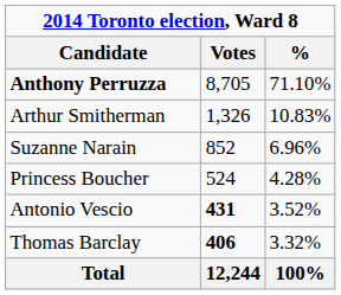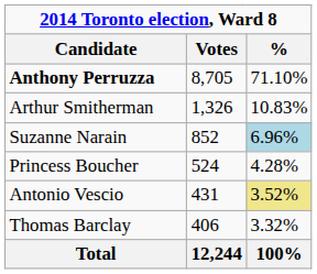 <table class="wikitable">
 <tr>
 <td Colspan="3" align="center"><strong><a href='#'>2014 Toronto election</a>, Ward 8</strong></td>
 </tr>
 <tr>
 <th width="150px">Candidate</th>
 <th>Votes</th>
 <th>%</th>
 </tr>
 <tr>
 <td><strong>Anthony Perruzza</strong></td>
 <td>8,705</td>
 <td>71.10%</td>
 </tr>
 <tr>
 <td>Arthur Smitherman</td>
 <td>1,326</td>
 <td>10.83%</td>
 </tr>
 <tr>
 <td>Suzanne Narain</td>
 <td>852</td>
-<td>6.96%</td>
+<td style="background: lightblue;">6.96%</td>
 </tr>
 <tr>
 <td>Princess Boucher</td>
 <td>524</td>
 <td>4.28%</td>
 </tr>
 <tr>
 <td>Antonio Vescio</td>
-<td><strong>431</strong></td>
-<td>3.52%</td>
+<td>431</td>
+<td style="background: khaki;">3.52%</td>
 </tr>
 <tr>
 <td>Thomas Barclay</td>
-<td><strong>406</strong></td>
+<td>406</td>
 <td>3.32%</td>
 </tr>
 <tr>
 <th>Total</th>
 <th>12,244</th>
 <th>100%</th>
 </tr>
 </table>
